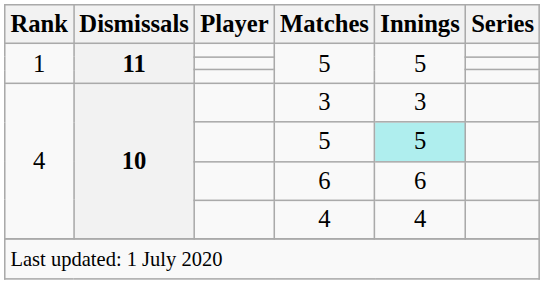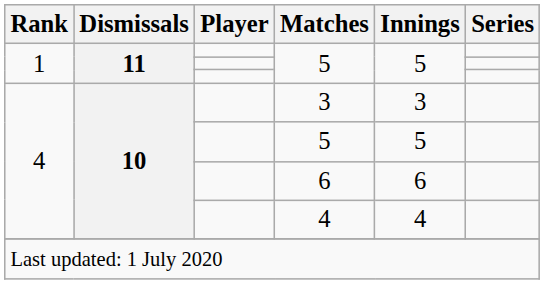 <table class="wikitable plainrowheaders sortable">
 <tr>
 <th scope=col>Rank</th>
 <th scope=col>Dismissals</th>
 <th scope=col>Player</th>
 <th scope=col>Matches</th>
 <th scope=col>Innings</th>
 <th scope=col>Series</th>
 </tr>
 <tr>
 <td style="text-align:center" rowspan=3>1</td>
 <th scope=row style=text-align:center; rowspan=3>11</th>
 <td></td>
 <td style="text-align:center" rowspan=3>5</td>
 <td style="text-align:center" rowspan=3>5</td>
 <td></td>
 </tr>
 <tr>
 <td></td>
 <td></td>
 </tr>
 <tr>
 <td></td>
 <td></td>
 </tr>
 <tr>
 <td style="text-align:center" rowspan=4>4</td>
 <th scope=row style=text-align:center; rowspan=4>10</th>
 <td></td>
 <td style="text-align:center">3</td>
 <td style="text-align:center">3</td>
 <td></td>
 </tr>
 <tr>
 <td></td>
 <td style="text-align:center">5</td>
-<td style="background: paleturquoise; text-align:center">5</td>
+<td style="text-align:center">5</td>
 <td></td>
 </tr>
 <tr>
 <td></td>
 <td style="text-align:center">6</td>
 <td style="text-align:center">6</td>
 <td></td>
 </tr>
 <tr>
 <td></td>
 <td style="text-align:center">4</td>
 <td style="text-align:center">4</td>
 <td></td>
 </tr>
 <tr>
 </tr>
 <tr class=sortbottom>
 <td colspan=6><small>Last updated: 1 July 2020</small></td>
 </tr>
 </table>
